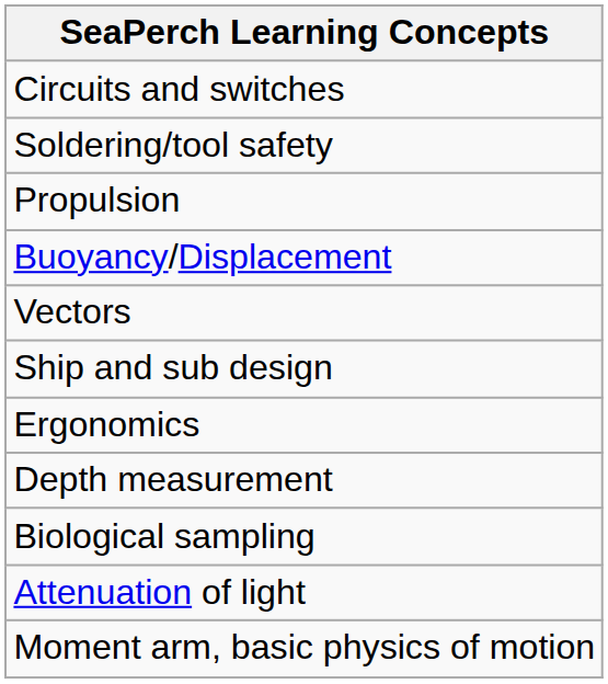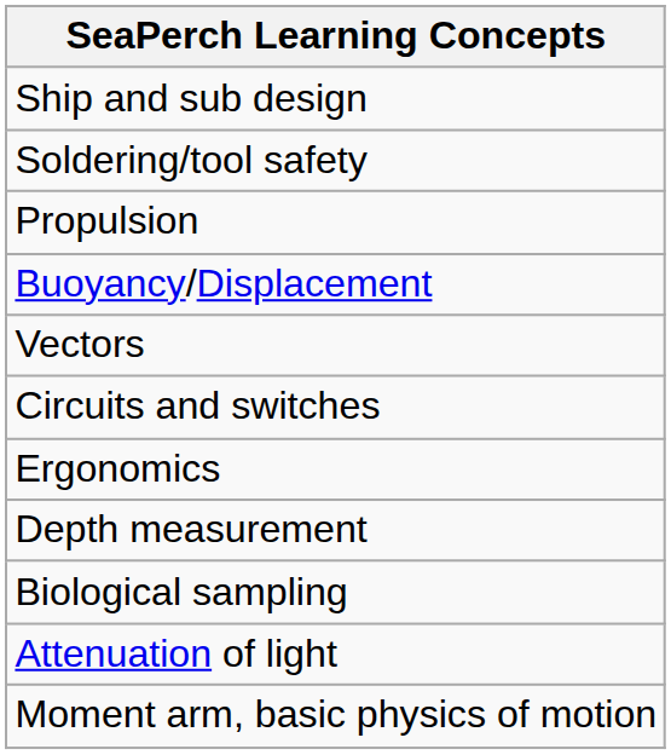 <table class="wikitable">
 <tr>
 <th>SeaPerch Learning Concepts </th>
 </tr>
 <tr>
-<td>Circuits and switches</td>
+<td>Ship and sub design</td>
 </tr>
 <tr>
 <td>Soldering/tool safety</td>
 </tr>
 <tr>
 <td>Propulsion</td>
 </tr>
 <tr>
 <td><a href='#'>Buoyancy</a>/<a href='#'>Displacement</a></td>
 </tr>
 <tr>
 <td>Vectors</td>
 </tr>
 <tr>
-<td>Ship and sub design</td>
+<td>Circuits and switches</td>
 </tr>
 <tr>
 <td>Ergonomics</td>
 </tr>
 <tr>
 <td>Depth measurement</td>
 </tr>
 <tr>
 <td>Biological sampling</td>
 </tr>
 <tr>
 <td><a href='#'>Attenuation</a> of light</td>
 </tr>
 <tr>
 <td>Moment arm, basic physics of motion</td>
 </tr>
 </table>
